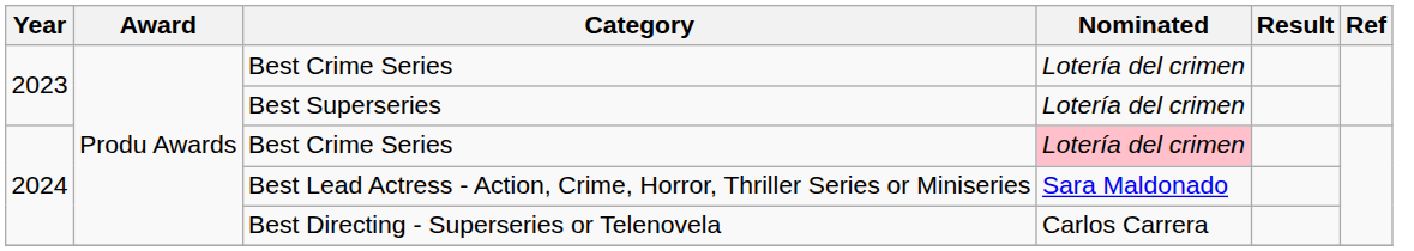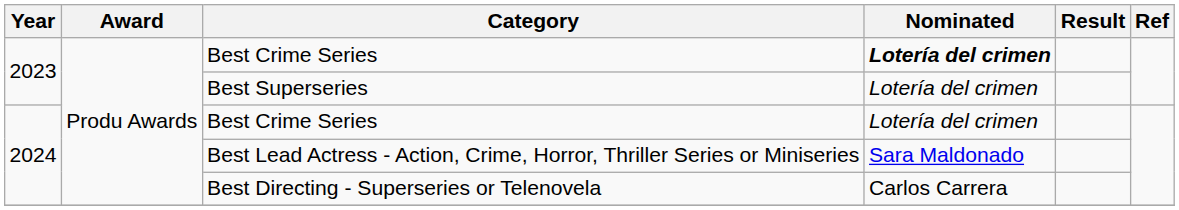 <table class="wikitable plainrowheaders">
 <tr>
 <th scope="col">Year</th>
 <th scope="col">Award</th>
 <th scope="col">Category</th>
 <th scope="col">Nominated</th>
 <th scope="col">Result</th>
 <th scope="col">Ref</th>
 </tr>
 <tr>
 <td rowspan="2">2023</td>
 <td rowspan="5">Produ Awards</td>
 <td>Best Crime Series</td>
-<td><em>Lotería del crimen</em></td>
+<td><strong><em>Lotería del crimen</em></strong></td>
 <td></td>
 <td align="center" rowspan="2"></td>
 </tr>
 <tr>
 <td>Best Superseries</td>
 <td><em>Lotería del crimen</em></td>
 <td></td>
 </tr>
 <tr>
 <td rowspan="3">2024</td>
 <td>Best Crime Series</td>
-<td style="background: pink;"><em>Lotería del crimen</em></td>
+<td><em>Lotería del crimen</em></td>
 <td></td>
 <td align="center" rowspan="3"></td>
 </tr>
 <tr>
 <td>Best Lead Actress - Action, Crime, Horror, Thriller Series or Miniseries</td>
 <td><a href='#'>Sara Maldonado</a></td>
 <td></td>
 </tr>
 <tr>
 <td>Best Directing - Superseries or Telenovela</td>
 <td>Carlos Carrera</td>
 <td></td>
 </tr>
 <tr>
 </tr>
 </table>
